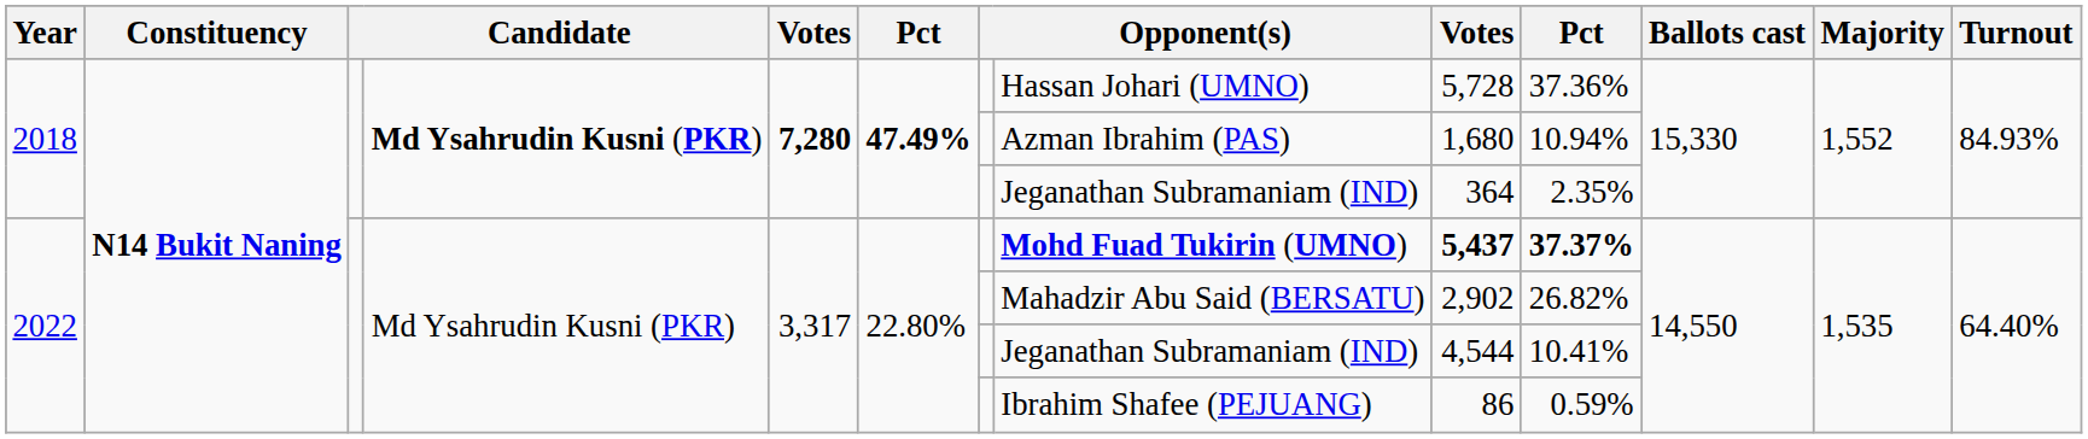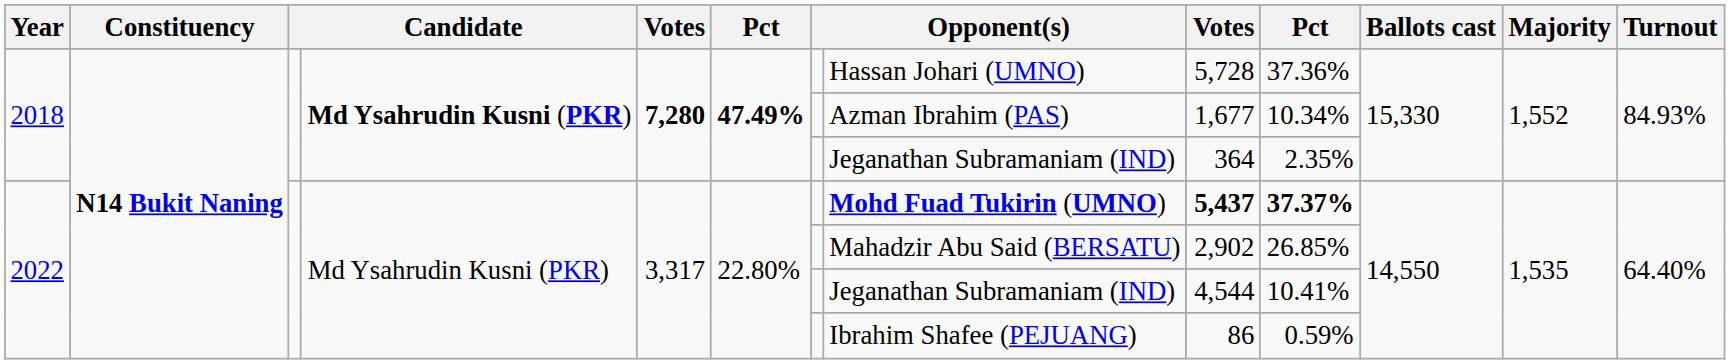 <table class="wikitable" style="margin:0.5em ; font-size:95%">
 <tr>
 <th>Year</th>
 <th>Constituency</th>
 <th colspan=2>Candidate</th>
 <th>Votes</th>
 <th>Pct</th>
 <th colspan=2>Opponent(s)</th>
 <th>Votes</th>
 <th>Pct</th>
 <th>Ballots cast</th>
 <th>Majority</th>
 <th>Turnout</th>
 </tr>
 <tr>
 <td rowspan="3"><a href='#'>2018</a></td>
 <td rowspan="7"><strong>N14 <a href='#'>Bukit Naning</a></strong></td>
 <td rowspan="3" ></td>
 <td rowspan="3"><strong>Md Ysahrudin Kusni</strong> (<a href='#'><strong>PKR</strong></a>)</td>
 <td rowspan="3" align=right><strong>7,280</strong></td>
 <td rowspan="3"><strong>47.49%</strong></td>
 <td></td>
 <td>Hassan Johari (<a href='#'>UMNO</a>)</td>
 <td align=right>5,728</td>
 <td>37.36%</td>
 <td rowspan="3">15,330</td>
 <td rowspan="3">1,552</td>
 <td rowspan="3">84.93%</td>
 </tr>
 <tr>
 <td></td>
 <td>Azman Ibrahim (<a href='#'>PAS</a>)</td>
-<td align=right>1,680</td>
-<td>10.94%</td>
+<td align=right>1,677</td>
+<td>10.34%</td>
 </tr>
 <tr>
 <td></td>
 <td>Jeganathan Subramaniam (<a href='#'>IND</a>)</td>
 <td align=right>364</td>
 <td align=right>2.35%</td>
 </tr>
 <tr>
 <td rowspan="4"><a href='#'>2022</a></td>
 <td rowspan="4" ></td>
 <td rowspan="4">Md Ysahrudin Kusni (<a href='#'>PKR</a>)</td>
 <td rowspan="4" align=right>3,317</td>
 <td rowspan="4">22.80%</td>
 <td></td>
 <td><strong><a href='#'>Mohd Fuad Tukirin</a></strong> (<a href='#'><strong>UMNO</strong></a>)</td>
 <td align=right><strong>5,437</strong></td>
 <td><strong>37.37%</strong></td>
 <td rowspan="4">14,550</td>
 <td rowspan="4">1,535</td>
 <td rowspan="4">64.40%</td>
 </tr>
 <tr>
 <td></td>
 <td>Mahadzir Abu Said (<a href='#'>BERSATU</a>)</td>
 <td align=right>2,902</td>
-<td>26.82%</td>
+<td>26.85%</td>
 </tr>
 <tr>
 <td></td>
 <td>Jeganathan Subramaniam (<a href='#'>IND</a>)</td>
 <td align=right>4,544</td>
 <td>10.41%</td>
 </tr>
 <tr>
 <td></td>
 <td>Ibrahim Shafee (<a href='#'>PEJUANG</a>)</td>
 <td align=right>86</td>
 <td align=right>0.59%</td>
 </tr>
 </table>
